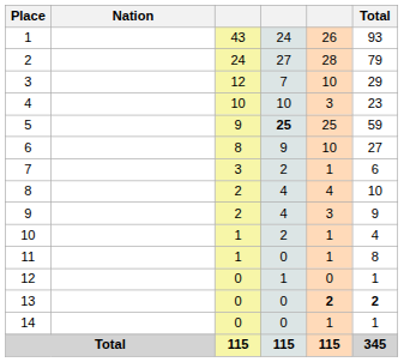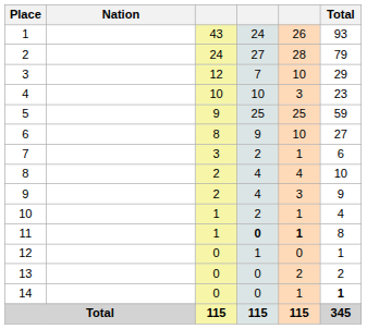 <table class=wikitable style="border:1px solid #AAAAAA;font-size:105%">
 <tr bgcolor="#EFEFEF">
 <th width=50>Place</th>
 <th width=200>Nation</th>
 <th width=50></th>
 <th width=50></th>
 <th width=50></th>
 <th width=50>Total</th>
 </tr>
 <tr align="center" valign="top" bgcolor="#FFFFFF">
 <td>1</td>
 <td align="left"></td>
 <td style="background:#F7F6A8;">43</td>
 <td style="background:#DCE5E5;">24</td>
 <td style="background:#FFDAB9;">26</td>
 <td>93</td>
 </tr>
 <tr align="center" valign="top" bgcolor="#FFFFFF">
 <td>2</td>
 <td align="left"></td>
 <td style="background:#F7F6A8;">24</td>
 <td style="background:#DCE5E5;">27</td>
 <td style="background:#FFDAB9;">28</td>
 <td>79</td>
 </tr>
 <tr align="center" valign="top" bgcolor="#FFFFFF">
 <td>3</td>
 <td align="left"></td>
 <td style="background:#F7F6A8;">12</td>
 <td style="background:#DCE5E5;">7</td>
 <td style="background:#FFDAB9;">10</td>
 <td>29</td>
 </tr>
 <tr align="center" valign="top" bgcolor="#FFFFFF">
 <td>4</td>
 <td align="left"></td>
 <td style="background:#F7F6A8;">10</td>
 <td style="background:#DCE5E5;">10</td>
 <td style="background:#FFDAB9;">3</td>
 <td>23</td>
 </tr>
 <tr align="center" valign="top" bgcolor="#FFFFFF">
 <td>5</td>
 <td align="left"></td>
 <td style="background:#F7F6A8;">9</td>
-<td style="background:#DCE5E5;"><strong>25</strong></td>
+<td style="background:#DCE5E5;">25</td>
 <td style="background:#FFDAB9;">25</td>
 <td>59</td>
 </tr>
 <tr align="center" valign="top" bgcolor="#FFFFFF">
 <td>6</td>
 <td align="left"></td>
 <td style="background:#F7F6A8;">8</td>
 <td style="background:#DCE5E5;">9</td>
 <td style="background:#FFDAB9;">10</td>
 <td>27</td>
 </tr>
 <tr align="center" valign="top" bgcolor="#FFFFFF">
 <td>7</td>
 <td align="left"></td>
 <td style="background:#F7F6A8;">3</td>
 <td style="background:#DCE5E5;">2</td>
 <td style="background:#FFDAB9;">1</td>
 <td>6</td>
 </tr>
 <tr align="center" valign="top" bgcolor="#FFFFFF">
 <td>8</td>
 <td align="left"></td>
 <td style="background:#F7F6A8;">2</td>
 <td style="background:#DCE5E5;">4</td>
 <td style="background:#FFDAB9;">4</td>
 <td>10</td>
 </tr>
 <tr align="center" valign="top" bgcolor="#FFFFFF">
 <td>9</td>
 <td align="left"></td>
 <td style="background:#F7F6A8;">2</td>
 <td style="background:#DCE5E5;">4</td>
 <td style="background:#FFDAB9;">3</td>
 <td>9</td>
 </tr>
 <tr align="center" valign="top" bgcolor="#FFFFFF">
 <td>10</td>
 <td align="left"></td>
 <td style="background:#F7F6A8;">1</td>
 <td style="background:#DCE5E5;">2</td>
 <td style="background:#FFDAB9;">1</td>
 <td>4</td>
 </tr>
 <tr align="center" valign="top" bgcolor="#FFFFFF">
 <td>11</td>
 <td align="left"></td>
 <td style="background:#F7F6A8;">1</td>
-<td style="background:#DCE5E5;">0</td>
-<td style="background:#FFDAB9;">1</td>
+<td style="background:#DCE5E5;"><strong>0</strong></td>
+<td style="background:#FFDAB9;"><strong>1</strong></td>
 <td>8</td>
 </tr>
 <tr align="center" valign="top" bgcolor="#FFFFFF">
 <td>12</td>
 <td align="left"></td>
 <td style="background:#F7F6A8;">0</td>
 <td style="background:#DCE5E5;">1</td>
 <td style="background:#FFDAB9;">0</td>
 <td>1</td>
 </tr>
 <tr align="center" valign="top" bgcolor="#FFFFFF">
 <td>13</td>
 <td align="left"></td>
 <td style="background:#F7F6A8;">0</td>
 <td style="background:#DCE5E5;">0</td>
-<td style="background:#FFDAB9;"><strong>2</strong></td>
-<td><strong>2</strong></td>
+<td style="background:#FFDAB9;">2</td>
+<td>2</td>
 </tr>
 <tr align="center" valign="top" bgcolor="#FFFFFF">
 <td>14</td>
 <td align="left"></td>
 <td style="background:#F7F6A8;">0</td>
 <td style="background:#DCE5E5;">0</td>
 <td style="background:#FFDAB9;">1</td>
-<td>1</td>
+<td><strong>1</strong></td>
 </tr>
 <tr align="center">
 <td colspan="2" bgcolor=D3D3D3><strong>Total</strong></td>
 <td style="background:#F7F6A8;"><strong>115</strong></td>
 <td style="background:#DCE5E5;"><strong>115</strong></td>
 <td style="background:#FFDAB9;"><strong>115</strong></td>
 <td bgcolor=D3D3D3><strong>345</strong></td>
 </tr>
 </table>
